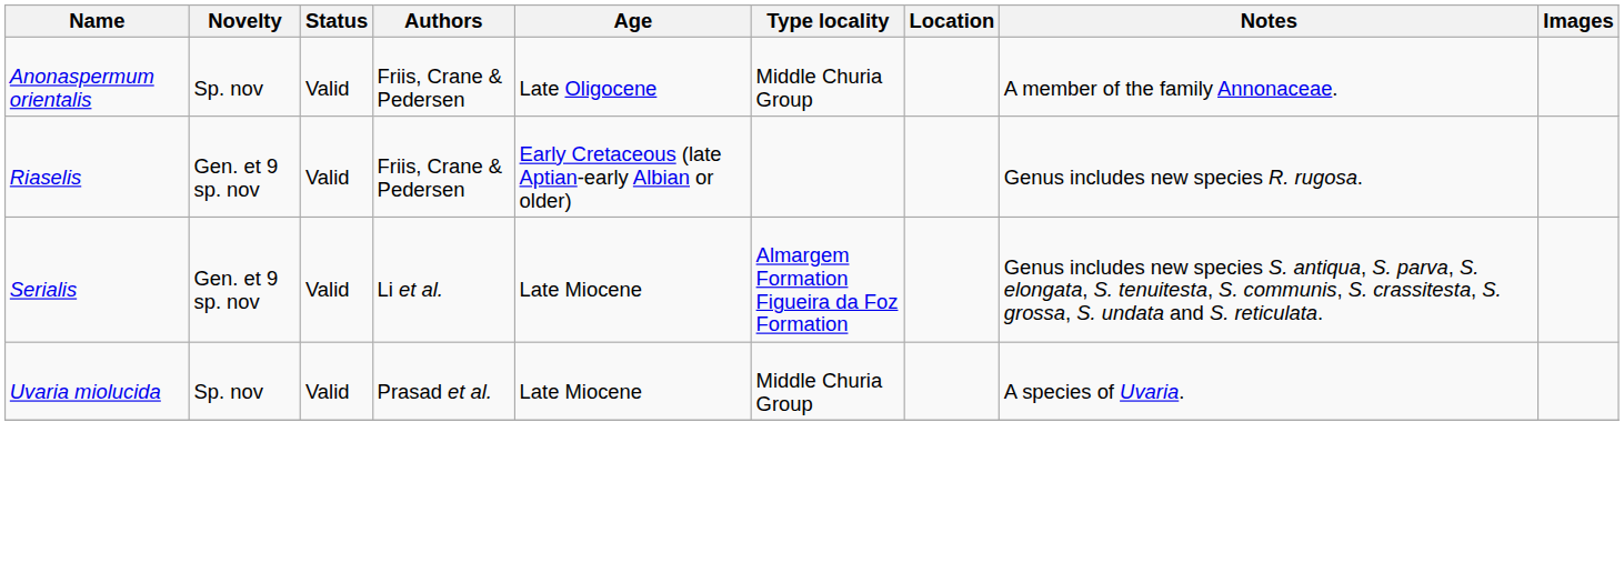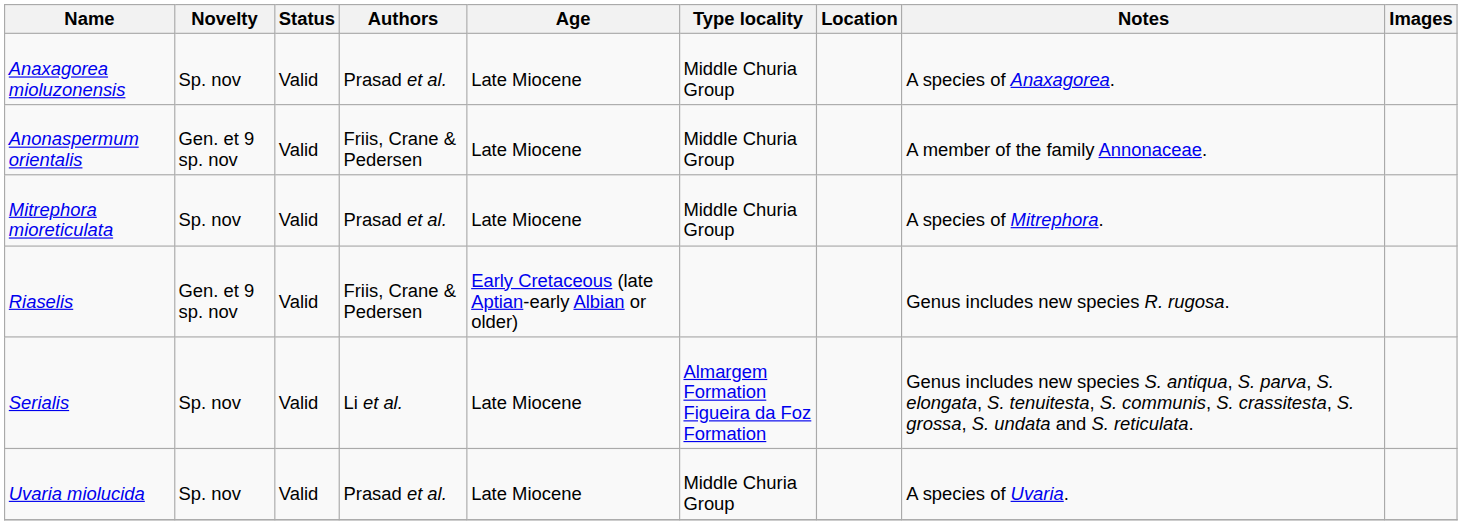 <table class="wikitable sortable" align="center" width="100%">
 <tr>
 <th>Name</th>
 <th>Novelty</th>
 <th>Status</th>
 <th>Authors</th>
 <th>Age</th>
 <th>Type locality</th>
 <th>Location</th>
 <th>Notes</th>
 <th>Images</th>
 </tr>
 <tr>
-<td><br><em><a href='#'>Anonaspermum orientalis</a></em></td>
+<td><br><em><a href='#'>Anaxagorea mioluzonensis</a></em></td>
 <td><br>Sp. nov</td>
 <td><br>Valid</td>
+<td><br>Prasad <em>et al.</em></td>
+<td><br>Late Miocene</td>
+<td><br>Middle Churia Group</td>
+<td><br></td>
+<td><br>A species of <em><a href='#'>Anaxagorea</a></em>.</td>
+<td></td>
+</tr>
+<tr>
+<td><br><em><a href='#'>Anonaspermum orientalis</a></em></td>
+<td><br>Gen. et 9 sp. nov</td>
+<td><br>Valid</td>
 <td><br>Friis, Crane & Pedersen</td>
-<td><br>Late <a href='#'>Oligocene</a></td>
+<td><br>Late Miocene</td>
 <td><br>Middle Churia Group</td>
 <td><br></td>
 <td><br>A member of the family <a href='#'>Annonaceae</a>.</td>
+<td></td>
+</tr>
+<tr>
+<td><br><em><a href='#'>Mitrephora mioreticulata</a></em></td>
+<td><br>Sp. nov</td>
+<td><br>Valid</td>
+<td><br>Prasad <em>et al.</em></td>
+<td><br>Late Miocene</td>
+<td><br>Middle Churia Group</td>
+<td><br></td>
+<td><br>A species of <em><a href='#'>Mitrephora</a></em>.</td>
 <td></td>
 </tr>
 <tr>
 <td><br><em><a href='#'>Riaselis</a></em></td>
 <td><br>Gen. et 9 sp. nov</td>
 <td><br>Valid</td>
 <td><br>Friis, Crane & Pedersen</td>
 <td><br><a href='#'>Early Cretaceous</a> (late <a href='#'>Aptian</a>-early <a href='#'>Albian</a> or older)</td>
 <td></td>
 <td><br></td>
 <td><br>Genus includes new species <em>R. rugosa</em>.</td>
 <td></td>
 </tr>
 <tr>
 <td><br><em><a href='#'>Serialis</a></em></td>
-<td><br>Gen. et 9 sp. nov</td>
+<td><br>Sp. nov</td>
 <td><br>Valid</td>
 <td><br>Li <em>et al.</em></td>
 <td><br>Late Miocene</td>
 <td><br><a href='#'>Almargem Formation</a><br> <a href='#'>Figueira da Foz Formation</a></td>
 <td><br></td>
 <td><br>Genus includes new species <em>S. antiqua</em>, <em>S. parva</em>, <em>S. elongata</em>, <em>S. tenuitesta</em>, <em>S. communis</em>, <em>S. crassitesta</em>, <em>S. grossa</em>, <em>S. undata</em> and <em>S. reticulata</em>.</td>
 <td></td>
 </tr>
 <tr>
 <td><br><em><a href='#'>Uvaria miolucida</a></em></td>
 <td><br>Sp. nov</td>
 <td><br>Valid</td>
 <td><br>Prasad <em>et al.</em></td>
 <td><br>Late Miocene</td>
 <td><br>Middle Churia Group</td>
 <td><br></td>
 <td><br>A species of <em><a href='#'>Uvaria</a></em>.</td>
 <td></td>
 </tr>
 <tr>
 </tr>
 </table>
